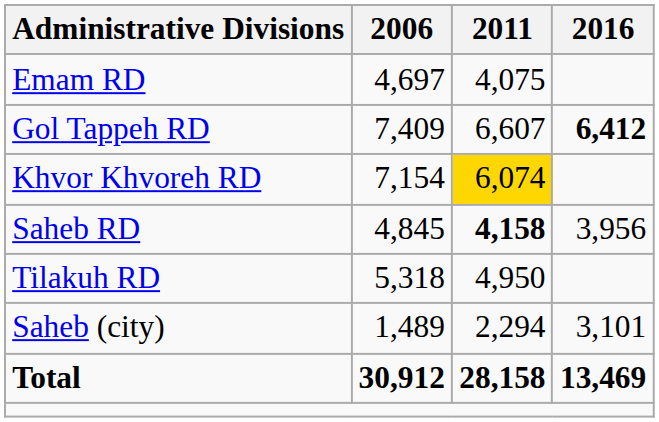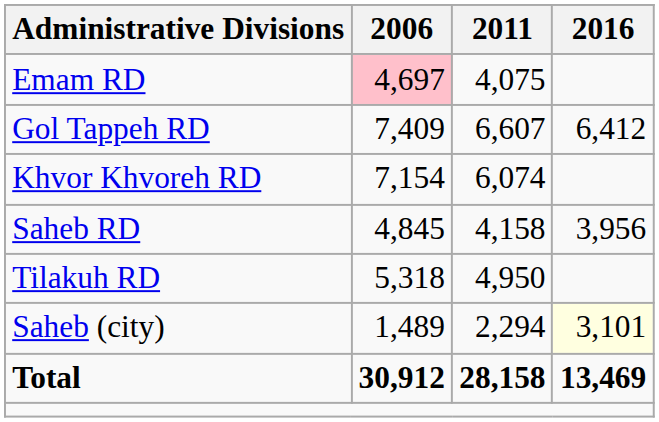 <table class="wikitable">
 <tr>
 <th>Administrative Divisions</th>
 <th>2006</th>
 <th>2011</th>
 <th>2016</th>
 </tr>
 <tr>
 <td><a href='#'>Emam RD</a></td>
-<td style="text-align: right;">4,697</td>
+<td style="background: pink; text-align: right;">4,697</td>
 <td style="text-align: right;">4,075</td>
 <td style="text-align: right;"></td>
 </tr>
 <tr>
 <td><a href='#'>Gol Tappeh RD</a></td>
 <td style="text-align: right;">7,409</td>
 <td style="text-align: right;">6,607</td>
-<td style="text-align: right;"><strong>6,412</strong></td>
+<td style="text-align: right;">6,412</td>
 </tr>
 <tr>
 <td><a href='#'>Khvor Khvoreh RD</a></td>
 <td style="text-align: right;">7,154</td>
-<td style="background: gold; text-align: right;">6,074</td>
+<td style="text-align: right;">6,074</td>
 <td style="text-align: right;"></td>
 </tr>
 <tr>
 <td><a href='#'>Saheb RD</a></td>
 <td style="text-align: right;">4,845</td>
-<td style="text-align: right;"><strong>4,158</strong></td>
+<td style="text-align: right;">4,158</td>
 <td style="text-align: right;">3,956</td>
 </tr>
 <tr>
 <td><a href='#'>Tilakuh RD</a></td>
 <td style="text-align: right;">5,318</td>
 <td style="text-align: right;">4,950</td>
 <td style="text-align: right;"></td>
 </tr>
 <tr>
 <td><a href='#'>Saheb</a> (city)</td>
 <td style="text-align: right;">1,489</td>
 <td style="text-align: right;">2,294</td>
-<td style="text-align: right;">3,101</td>
+<td style="background: lightyellow; text-align: right;">3,101</td>
 </tr>
 <tr>
 <td><strong>Total</strong></td>
 <td style="text-align: right;"><strong>30,912</strong></td>
 <td style="text-align: right;"><strong>28,158</strong></td>
 <td style="text-align: right;"><strong>13,469</strong></td>
 </tr>
 <tr>
 <td colspan=4></td>
 </tr>
 </table>
